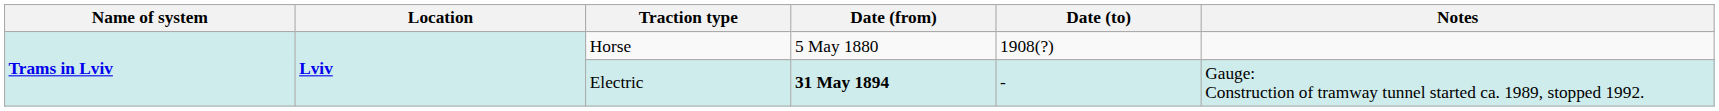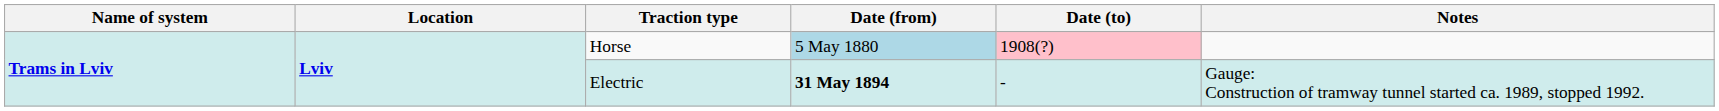 <table class="wikitable" style="width:100%;">
 <tr>
 <th style="width:17%;">Name of system</th>
 <th style="width:17%;">Location</th>
 <th style="width:12%;">Traction type</th>
 <th style="width:12%;">Date (from)</th>
 <th style="width:12%;">Date (to)</th>
 <th style="width:30%;">Notes</th>
 </tr>
 <tr>
 <td style="background:#CFECEC" rowspan="2"><strong><a href='#'>Trams in Lviv</a></strong></td>
 <td style="background:#CFECEC" rowspan="2"><strong><a href='#'>Lviv</a></strong></td>
 <td>Horse</td>
-<td>5 May 1880</td>
-<td>1908(?)</td>
+<td style="background: lightblue;">5 May 1880</td>
+<td style="background: pink;">1908(?)</td>
 <td> </td>
 </tr>
 <tr>
 <td style="background:#CFECEC">Electric</td>
 <td style="background:#CFECEC"><strong>31 May 1894</strong></td>
 <td style="background:#CFECEC">-</td>
 <td style="background:#CFECEC">Gauge: <br>Construction of tramway tunnel started ca. 1989, stopped 1992.</td>
 </tr>
 </table>
